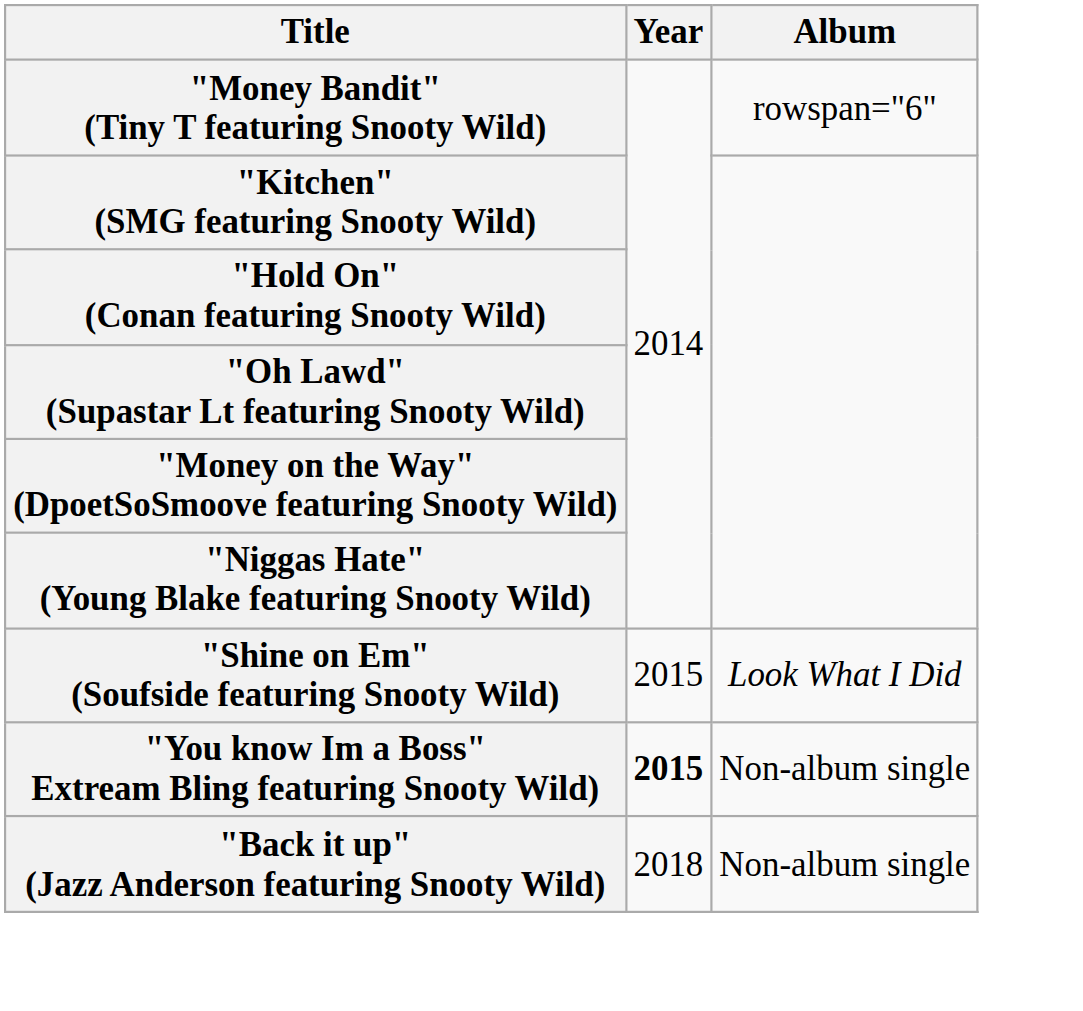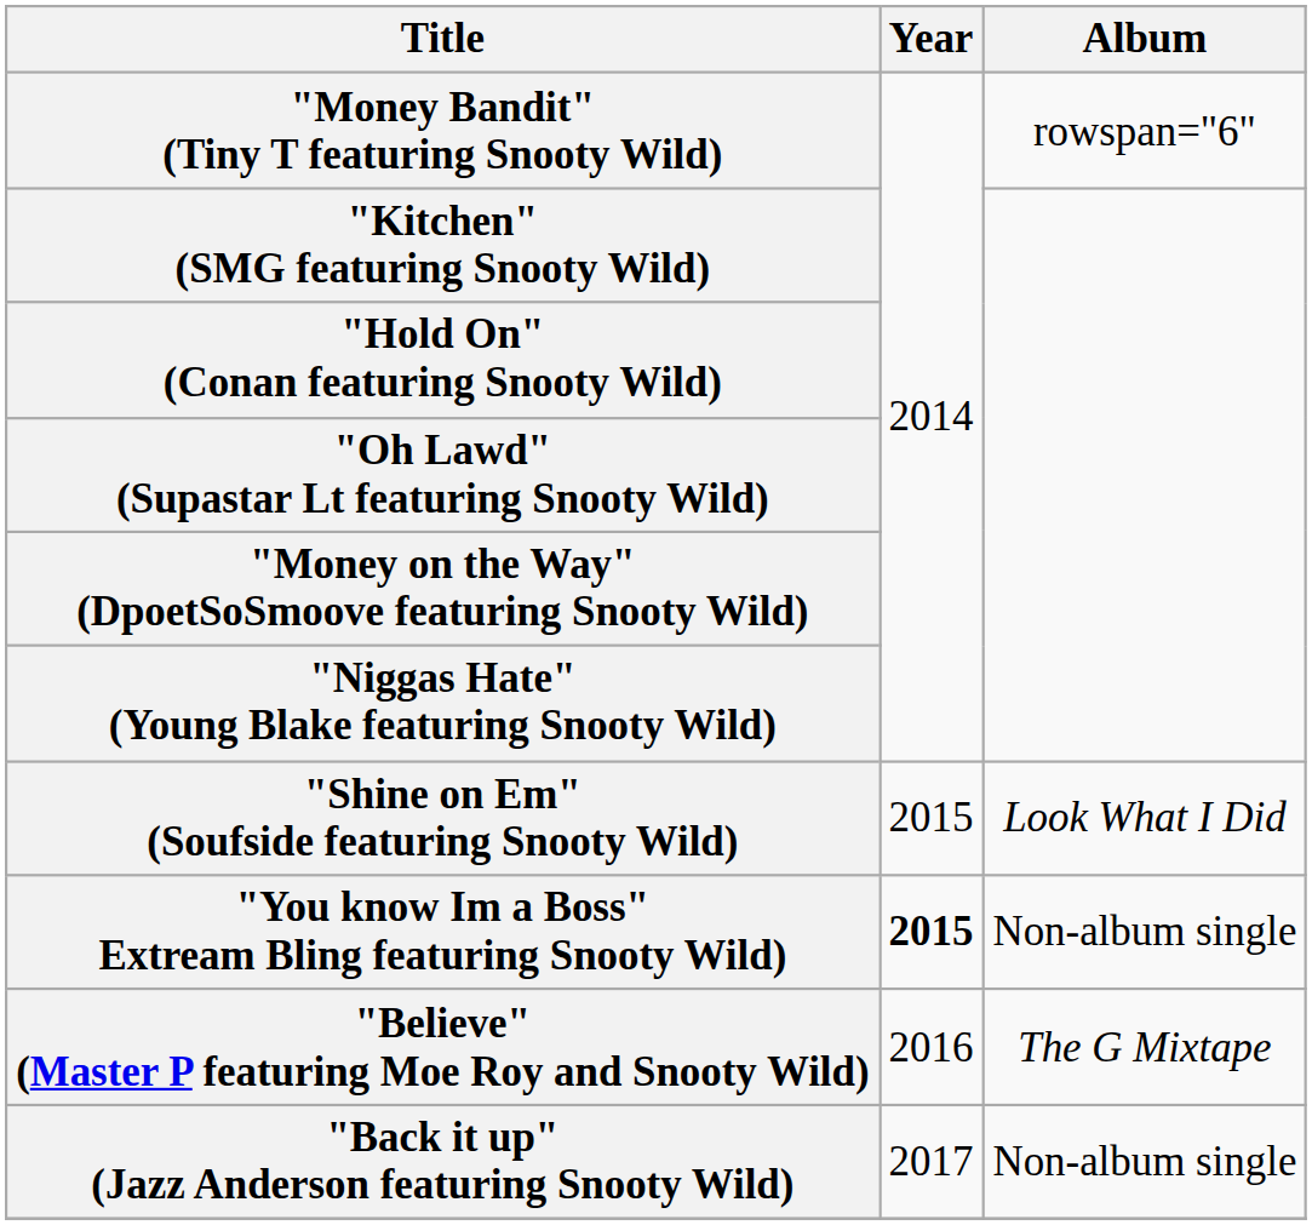 <table class="wikitable plainrowheaders" style="text-align:center;">
 <tr>
 <th scope="col">Title</th>
 <th scope="col">Year</th>
 <th scope="col">Album</th>
 </tr>
 <tr>
 <th scope="row">"Money Bandit"<br><span>(Tiny T featuring Snooty Wild)</span></th>
 <td rowspan="6">2014</td>
 <td>rowspan="6" </td>
 </tr>
 <tr>
 <th scope="row">"Kitchen"<br><span>(SMG featuring Snooty Wild)</span></th>
 </tr>
 <tr>
 <th scope="row">"Hold On"<br><span>(Conan featuring Snooty Wild)</span></th>
 </tr>
 <tr>
 <th scope="row">"Oh Lawd"<br><span>(Supastar Lt featuring Snooty Wild)</span></th>
 </tr>
 <tr>
 <th scope="row">"Money on the Way"<br><span>(DpoetSoSmoove featuring Snooty Wild)</span></th>
 </tr>
 <tr>
 <th scope="row">"Niggas Hate"<br><span>(Young Blake featuring Snooty Wild)</span></th>
 </tr>
 <tr>
 <th scope="row">"Shine on Em"<br><span>(Soufside featuring Snooty Wild)</span></th>
 <td>2015</td>
 <td><em>Look What I Did</em></td>
 </tr>
 <tr>
 <th scope="row">"You know Im a Boss"<br><span>Extream Bling featuring Snooty Wild)</span></th>
 <td><strong>2015</strong></td>
 <td>Non-album single</td>
 </tr>
 <tr>
+<th scope="row">"Believe"<br><span>(<a href='#'>Master P</a> featuring Moe Roy and Snooty Wild)</span></th>
+<td>2016</td>
+<td><em>The G Mixtape</em></td>
+</tr>
+<tr>
 <th scope="row">"Back it up"<br><span>(Jazz Anderson featuring Snooty Wild)</span></th>
-<td>2018</td>
+<td>2017</td>
 <td>Non-album single</td>
 </tr>
 <tr>
 </tr>
 </table>
